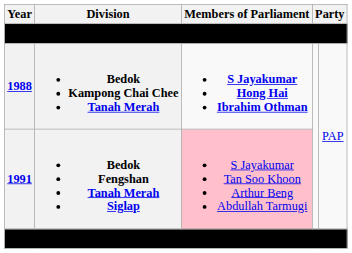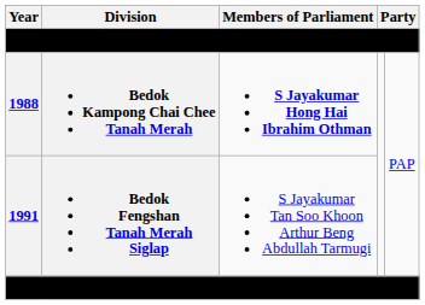 <table class="wikitable" align="center" style="text-align:center">
 <tr>
 <th>Year</th>
 <th>Division</th>
 <th>Members of Parliament</th>
 <th colspan="2">Party</th>
 </tr>
 <tr>
 <td colspan="5" bgcolor="black"><span><strong>Formation</strong></span></td>
 </tr>
 <tr>
 <th><a href='#'>1988</a></th>
 <th><br><ul><li>Bedok</li><li>Kampong Chai Chee</li><li><a href='#'>Tanah Merah</a></li></ul></th>
 <td><strong><br><ul><li><a href='#'>S Jayakumar</a></li><li><a href='#'>Hong Hai</a></li><li><a href='#'>Ibrahim Othman</a></li></ul></strong></td>
 <td rowspan="2"></td>
 <td rowspan="2"><a href='#'>PAP</a></td>
 </tr>
 <tr>
 <th><a href='#'>1991</a></th>
 <th><br><ul><li>Bedok</li><li>Fengshan</li><li><a href='#'>Tanah Merah</a></li><li><a href='#'>Siglap</a></li></ul></th>
-<td style="background: pink;"><br><ul><li><a href='#'>S Jayakumar</a></li><li><a href='#'>Tan Soo Khoon</a></li><li><a href='#'>Arthur Beng</a></li><li><a href='#'>Abdullah Tarmugi</a></li></ul></td>
+<td><br><ul><li><a href='#'>S Jayakumar</a></li><li><a href='#'>Tan Soo Khoon</a></li><li><a href='#'>Arthur Beng</a></li><li><a href='#'>Abdullah Tarmugi</a></li></ul></td>
 </tr>
 <tr>
 <td colspan="5" bgcolor="black"><span><strong>Constituency abolished (1997)</strong></span></td>
 </tr>
 </table>
